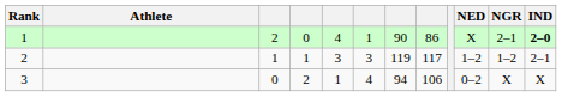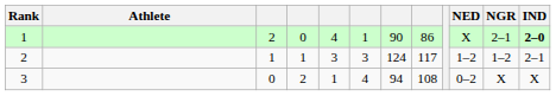 <table class="wikitable" style="text-align:center">
 <tr>
 <th>Rank</th>
 <th width=250>Athlete</th>
 <th width=30></th>
 <th width=30></th>
 <th width=30></th>
 <th width=30></th>
 <th width=30></th>
 <th width=30></th>
 <th rowspan=4></th>
 <th width=30>NED</th>
 <th width=30>NGR</th>
 <th width=30>IND</th>
 </tr>
 <tr style="background-color:#ccffcc;">
 <td>1</td>
 <td align=left></td>
 <td>2</td>
 <td>0</td>
 <td>4</td>
 <td>1</td>
 <td>90</td>
 <td>86</td>
 <td>X</td>
 <td>2–1</td>
 <td><strong>2–0</strong></td>
 </tr>
 <tr>
 <td>2</td>
 <td align=left></td>
 <td>1</td>
 <td>1</td>
 <td>3</td>
 <td>3</td>
-<td>119</td>
+<td>124</td>
 <td>117</td>
 <td>1–2</td>
 <td>1–2</td>
 <td>2–1</td>
 </tr>
 <tr>
 <td>3</td>
 <td align=left></td>
 <td>0</td>
 <td>2</td>
 <td>1</td>
 <td>4</td>
 <td>94</td>
-<td>106</td>
+<td>108</td>
 <td>0–2</td>
 <td>X</td>
 <td>X</td>
 </tr>
 </table>
